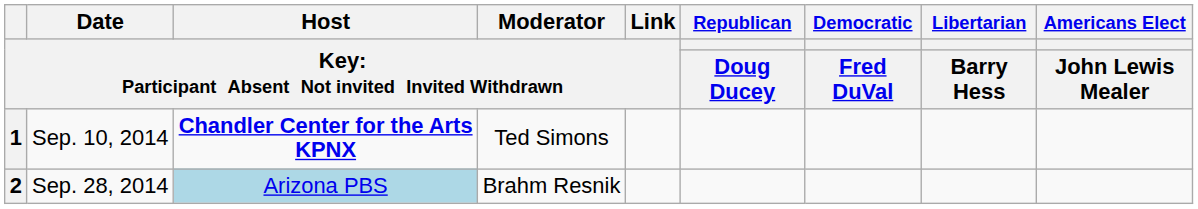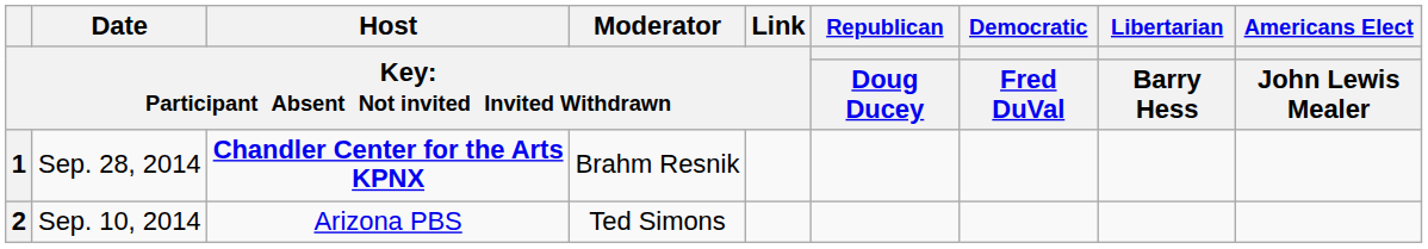 <table class="wikitable" style="text-align:center;">
 <tr>
 <th scope="col"></th>
 <th scope="col">Date</th>
 <th scope="col">Host</th>
 <th scope="col">Moderator</th>
 <th scope="col">Link</th>
 <th scope="col"><small><a href='#'>Republican</a></small></th>
 <th scope="col"><small><a href='#'>Democratic</a></small></th>
 <th scope="col"><small><a href='#'>Libertarian</a></small></th>
 <th scope="col"><small><a href='#'>Americans Elect</a></small></th>
 </tr>
 <tr>
 <th colspan="5" rowspan="2">Key:<br> <small>Participant </small>  <small>Absent </small>  <small>Not invited </small>  <small>Invited  Withdrawn</small></th>
 <th scope="col" style="background:"></th>
 <th scope="col" style="background:"></th>
 <th scope="col" style="background:"></th>
 <th scope="col" style="background:"></th>
 </tr>
 <tr>
 <th scope="col"><a href='#'>Doug Ducey</a></th>
 <th scope="col"><a href='#'>Fred DuVal</a></th>
 <th scope="col">Barry Hess</th>
 <th scope="col">John Lewis Mealer</th>
 </tr>
 <tr>
 <th>1</th>
-<td style="white-space:nowrap;">Sep. 10, 2014</td>
+<td style="white-space:nowrap;">Sep. 28, 2014</td>
 <td style="white-space:nowrap;"><strong><a href='#'>Chandler Center for the Arts</a><br><a href='#'>KPNX</a></strong></td>
-<td style="white-space:nowrap;">Ted Simons</td>
+<td style="white-space:nowrap;">Brahm Resnik</td>
 <td style="white-space:nowrap;"></td>
 <td></td>
 <td></td>
 <td></td>
 <td></td>
 </tr>
 <tr>
 <th>2</th>
-<td style="white-space:nowrap;">Sep. 28, 2014</td>
-<td style="background: lightblue; white-space:nowrap;"><a href='#'>Arizona PBS</a></td>
-<td style="white-space:nowrap;">Brahm Resnik</td>
+<td style="white-space:nowrap;">Sep. 10, 2014</td>
+<td style="white-space:nowrap;"><a href='#'>Arizona PBS</a></td>
+<td style="white-space:nowrap;">Ted Simons</td>
 <td style="white-space:nowrap;"></td>
 <td></td>
 <td></td>
 <td></td>
 <td></td>
 </tr>
 </table>
